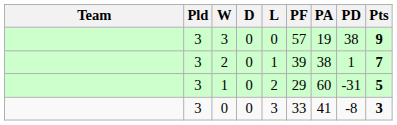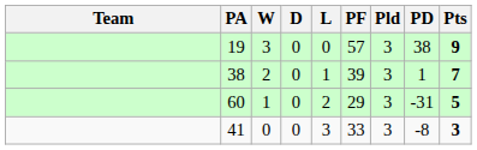 <table class="wikitable" style="text-align:center;">
 <tr>
 <th width="190">Team</th>
-<th width="20" abbr="Played">Pld</th>
+<th width="20" abbr="Points against">PA</th>
 <th width="20" abbr="Won">W</th>
 <th width="20" abbr="Drawn">D</th>
 <th width="20" abbr="Lost">L</th>
 <th width="20" abbr="Points for">PF</th>
-<th width="20" abbr="Points against">PA</th>
+<th width="20" abbr="Played">Pld</th>
 <th width="25" abbr="Points difference">PD</th>
 <th width="20" abbr="Points">Pts</th>
 </tr>
 <tr style="background:#ccffcc">
 <td align="left"></td>
-<td>3</td>
+<td>19</td>
 <td>3</td>
 <td>0</td>
 <td>0</td>
 <td>57</td>
-<td>19</td>
+<td>3</td>
 <td>38</td>
 <td><strong>9</strong></td>
 </tr>
 <tr style="background:#ccffcc">
 <td align="left"></td>
-<td>3</td>
+<td>38</td>
 <td>2</td>
 <td>0</td>
 <td>1</td>
 <td>39</td>
-<td>38</td>
+<td>3</td>
 <td>1</td>
 <td><strong>7</strong></td>
 </tr>
 <tr style="background:#ccffcc">
 <td align="left"></td>
-<td>3</td>
+<td>60</td>
 <td>1</td>
 <td>0</td>
 <td>2</td>
 <td>29</td>
-<td>60</td>
+<td>3</td>
 <td>-31</td>
 <td><strong>5</strong></td>
 </tr>
 <tr>
 <td align="left"></td>
-<td>3</td>
+<td>41</td>
 <td>0</td>
 <td>0</td>
 <td>3</td>
 <td>33</td>
-<td>41</td>
+<td>3</td>
 <td>-8</td>
 <td><strong>3</strong></td>
 </tr>
 </table>
